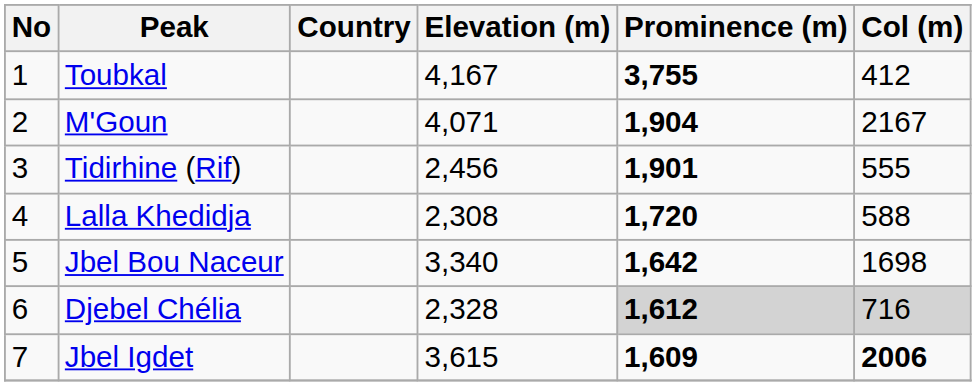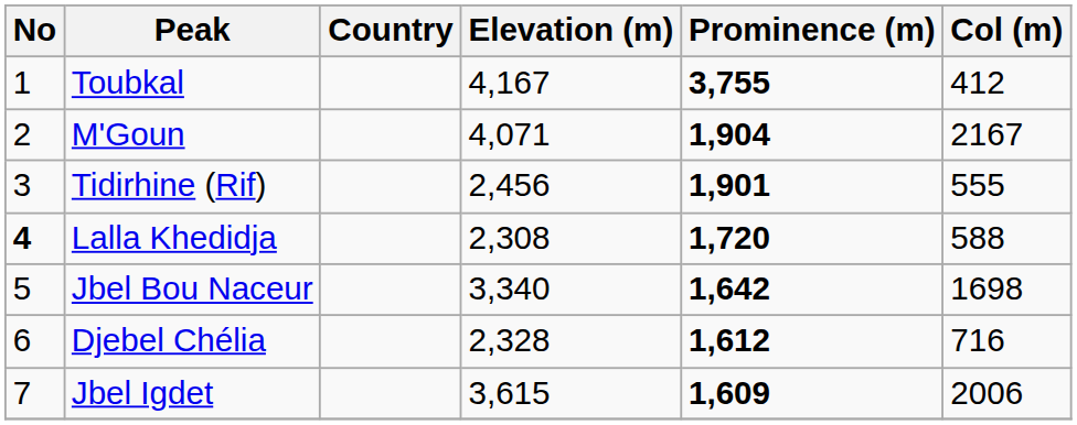 <table class="wikitable sortable">
 <tr>
 <th>No</th>
 <th>Peak</th>
 <th>Country</th>
 <th>Elevation (m)</th>
 <th>Prominence (m)</th>
 <th>Col (m)</th>
 </tr>
 <tr>
 <td>1</td>
 <td><a href='#'>Toubkal</a></td>
 <td></td>
 <td>4,167</td>
 <td><strong>3,755</strong></td>
 <td>412</td>
 </tr>
 <tr>
 <td>2</td>
 <td><a href='#'>M'Goun</a></td>
 <td></td>
 <td>4,071</td>
 <td><strong>1,904</strong></td>
 <td>2167</td>
 </tr>
 <tr>
 <td>3</td>
 <td><a href='#'>Tidirhine</a> (<a href='#'>Rif</a>)</td>
 <td></td>
 <td>2,456</td>
 <td><strong>1,901</strong></td>
 <td>555</td>
 </tr>
 <tr>
-<td>4</td>
+<td><strong>4</strong></td>
 <td><a href='#'>Lalla Khedidja</a></td>
 <td></td>
 <td>2,308</td>
 <td><strong>1,720</strong></td>
 <td>588</td>
 </tr>
 <tr>
 <td>5</td>
 <td><a href='#'>Jbel Bou Naceur</a></td>
 <td></td>
 <td>3,340</td>
 <td><strong>1,642</strong></td>
 <td>1698</td>
 </tr>
 <tr>
 <td>6</td>
 <td><a href='#'>Djebel Chélia</a></td>
 <td></td>
 <td>2,328</td>
-<td style="background: lightgrey;"><strong>1,612</strong></td>
-<td style="background: lightgrey;">716</td>
+<td><strong>1,612</strong></td>
+<td>716</td>
 </tr>
 <tr>
 <td>7</td>
 <td><a href='#'>Jbel Igdet</a></td>
 <td></td>
 <td>3,615</td>
 <td><strong>1,609</strong></td>
-<td><strong>2006</strong></td>
+<td>2006</td>
 </tr>
 <tr>
 </tr>
 </table>
